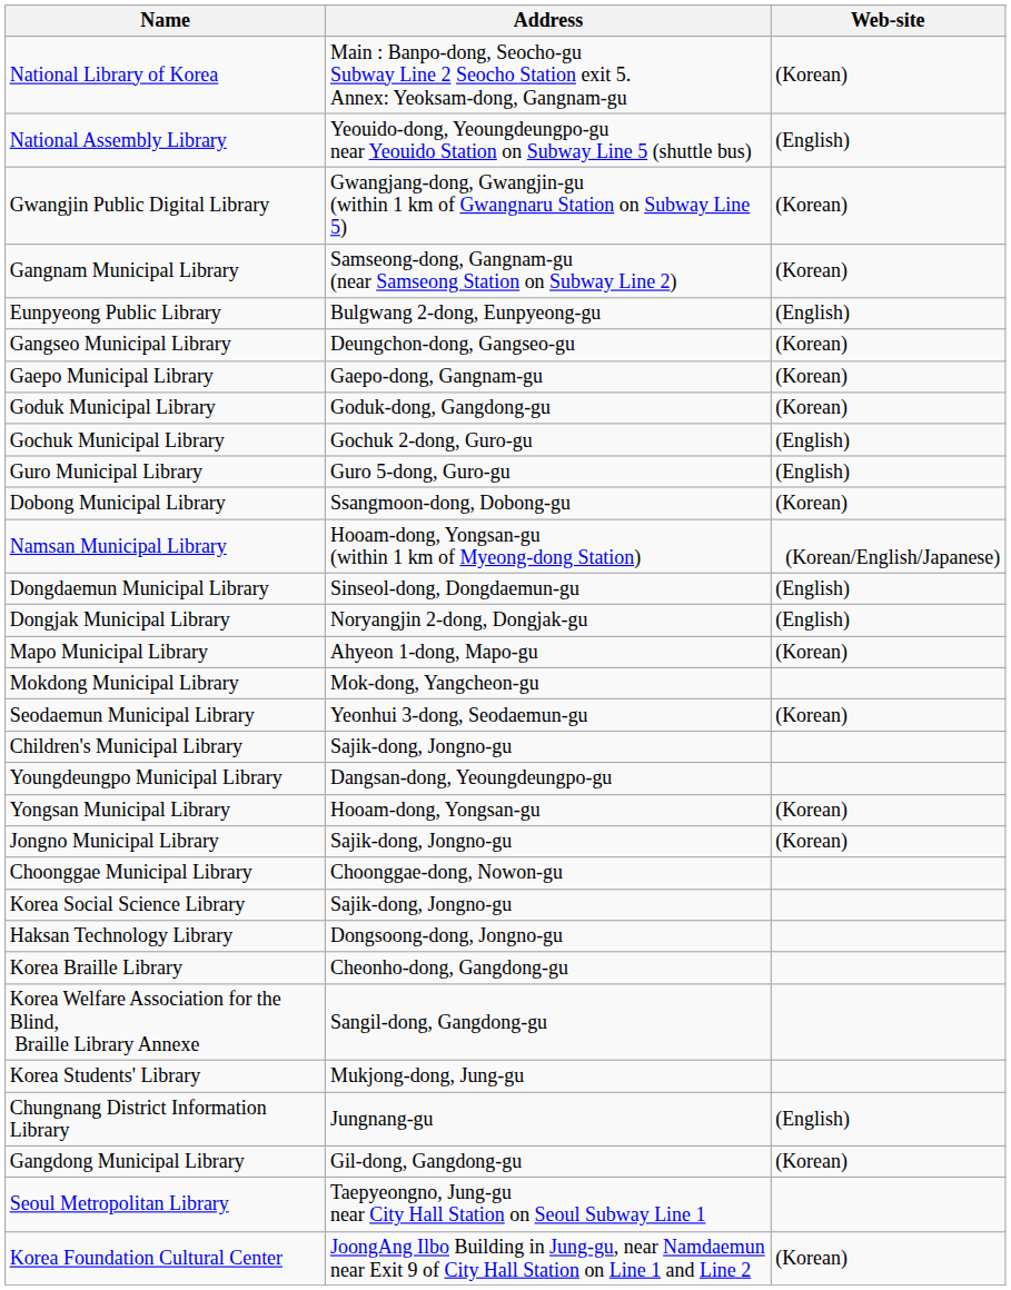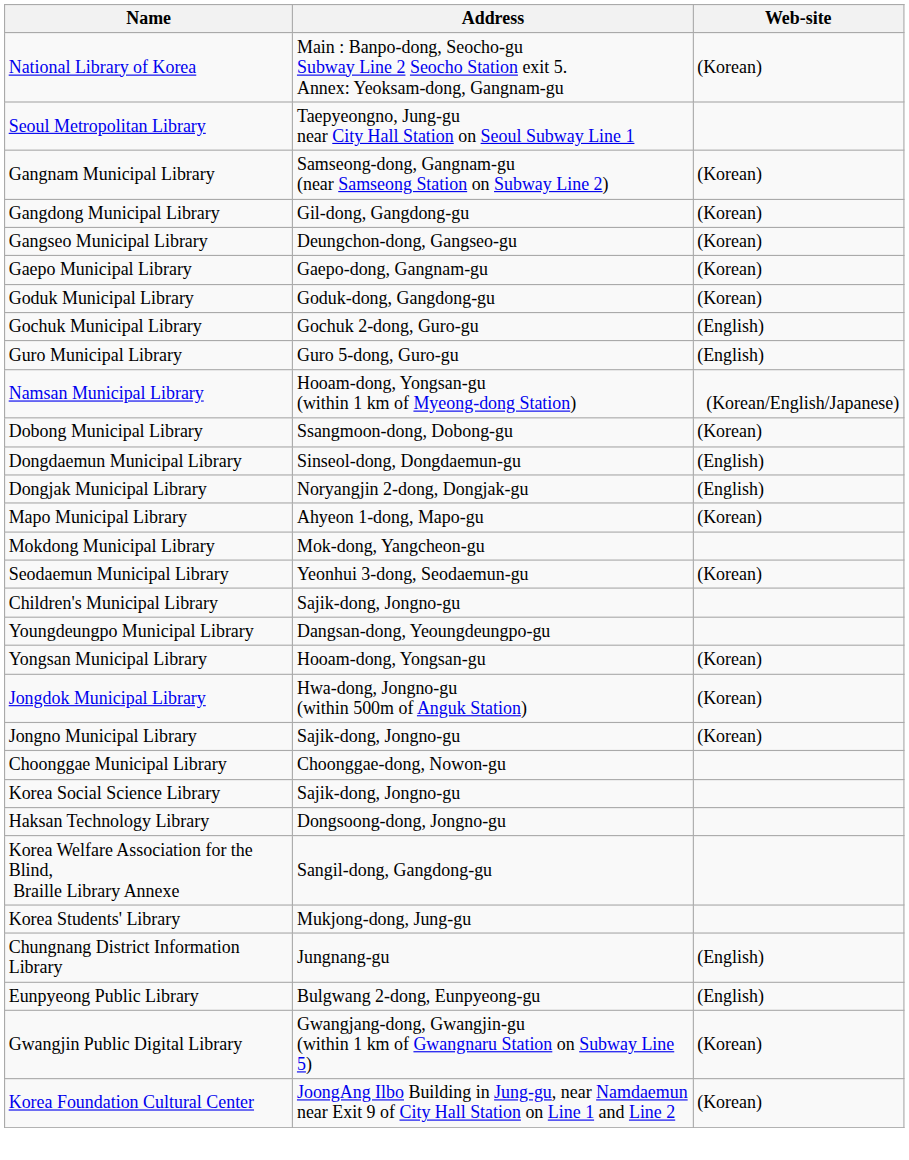 <table class="wikitable">
 <tr>
 <th width="250">Name</th>
 <th width="350">Address</th>
 <th width="150">Web-site</th>
 </tr>
 <tr>
 <td><a href='#'>National Library of Korea</a></td>
 <td>Main : Banpo-dong, Seocho-gu<br><a href='#'>Subway Line 2</a> <a href='#'>Seocho Station</a> exit 5.<br> Annex: Yeoksam-dong, Gangnam-gu</td>
 <td> (Korean)</td>
 </tr>
 <tr>
-<td><a href='#'>National Assembly Library</a></td>
-<td>Yeouido-dong, Yeoungdeungpo-gu<br>near <a href='#'>Yeouido Station</a> on <a href='#'>Subway Line 5</a> (shuttle bus)</td>
-<td> (English)</td>
-</tr>
-<tr>
-<td>Gwangjin Public Digital Library</td>
-<td>Gwangjang-dong, Gwangjin-gu<br>(within 1 km of <a href='#'>Gwangnaru Station</a> on <a href='#'>Subway Line 5</a>)</td>
-<td> (Korean)</td>
+<td><a href='#'>Seoul Metropolitan Library</a></td>
+<td>Taepyeongno, Jung-gu<br>near <a href='#'>City Hall Station</a> on <a href='#'>Seoul Subway Line 1</a></td>
+<td></td>
 </tr>
 <tr>
 <td>Gangnam Municipal Library</td>
 <td>Samseong-dong, Gangnam-gu<br>(near <a href='#'>Samseong Station</a> on <a href='#'>Subway Line 2</a>)</td>
 <td> (Korean)</td>
 </tr>
 <tr>
-<td>Eunpyeong Public Library</td>
-<td>Bulgwang 2-dong, Eunpyeong-gu</td>
-<td> (English)</td>
+<td>Gangdong Municipal Library</td>
+<td>Gil-dong, Gangdong-gu</td>
+<td> (Korean)</td>
 </tr>
 <tr>
 <td>Gangseo Municipal Library</td>
 <td>Deungchon-dong, Gangseo-gu</td>
 <td> (Korean)</td>
 </tr>
 <tr>
 <td>Gaepo Municipal Library</td>
 <td>Gaepo-dong, Gangnam-gu</td>
 <td> (Korean)</td>
 </tr>
 <tr>
 <td>Goduk Municipal Library</td>
 <td>Goduk-dong, Gangdong-gu</td>
 <td> (Korean)</td>
 </tr>
 <tr>
 <td>Gochuk Municipal Library</td>
 <td>Gochuk 2-dong, Guro-gu</td>
 <td> (English)</td>
 </tr>
 <tr>
 <td>Guro Municipal Library</td>
 <td>Guro 5-dong, Guro-gu</td>
 <td>(English)</td>
 </tr>
 <tr>
+<td><a href='#'>Namsan Municipal Library</a></td>
+<td>Hooam-dong, Yongsan-gu<br>(within 1 km of <a href='#'>Myeong-dong Station</a>)</td>
+<td><br>  (Korean/English/Japanese)</td>
+</tr>
+<tr>
 <td>Dobong Municipal Library</td>
 <td>Ssangmoon-dong, Dobong-gu</td>
 <td> (Korean)</td>
-</tr>
-<tr>
-<td><a href='#'>Namsan Municipal Library</a></td>
-<td>Hooam-dong, Yongsan-gu<br>(within 1 km of <a href='#'>Myeong-dong Station</a>)</td>
-<td><br>  (Korean/English/Japanese)</td>
 </tr>
 <tr>
 <td>Dongdaemun Municipal Library</td>
 <td>Sinseol-dong, Dongdaemun-gu</td>
 <td> (English)</td>
 </tr>
 <tr>
 <td>Dongjak Municipal Library</td>
 <td>Noryangjin 2-dong, Dongjak-gu</td>
 <td> (English)</td>
 </tr>
 <tr>
 <td>Mapo Municipal Library</td>
 <td>Ahyeon 1-dong, Mapo-gu</td>
 <td> (Korean)</td>
 </tr>
 <tr>
 <td>Mokdong Municipal Library</td>
 <td>Mok-dong, Yangcheon-gu</td>
 <td></td>
 </tr>
 <tr>
 <td>Seodaemun Municipal Library</td>
 <td>Yeonhui 3-dong, Seodaemun-gu</td>
 <td> (Korean)</td>
 </tr>
 <tr>
 <td>Children's Municipal Library</td>
 <td>Sajik-dong, Jongno-gu</td>
 <td></td>
 </tr>
 <tr>
 <td>Youngdeungpo Municipal Library</td>
 <td>Dangsan-dong, Yeoungdeungpo-gu</td>
 <td></td>
 </tr>
 <tr>
 <td>Yongsan Municipal Library</td>
 <td>Hooam-dong, Yongsan-gu</td>
 <td> (Korean)</td>
 </tr>
 <tr>
+<td><a href='#'>Jongdok Municipal Library</a></td>
+<td>Hwa-dong, Jongno-gu<br>(within 500m of <a href='#'>Anguk Station</a>)</td>
+<td> (Korean)</td>
+</tr>
+<tr>
 <td>Jongno Municipal Library</td>
 <td>Sajik-dong, Jongno-gu</td>
 <td> (Korean)</td>
 </tr>
 <tr>
 <td>Choonggae Municipal Library</td>
 <td>Choonggae-dong, Nowon-gu</td>
 <td></td>
 </tr>
 <tr>
 <td>Korea Social Science Library</td>
 <td>Sajik-dong, Jongno-gu</td>
 <td></td>
 </tr>
 <tr>
 <td>Haksan Technology Library</td>
 <td>Dongsoong-dong, Jongno-gu</td>
 <td></td>
 </tr>
 <tr>
-<td>Korea Braille Library</td>
-<td>Cheonho-dong, Gangdong-gu</td>
-<td></td>
-</tr>
-<tr>
 <td>Korea Welfare Association for the Blind,<br> Braille Library Annexe</td>
 <td>Sangil-dong, Gangdong-gu</td>
 <td></td>
 </tr>
 <tr>
 <td>Korea Students' Library</td>
 <td>Mukjong-dong, Jung-gu</td>
 <td></td>
 </tr>
 <tr>
 <td>Chungnang District Information Library</td>
 <td>Jungnang-gu</td>
 <td> (English)</td>
 </tr>
 <tr>
-<td>Gangdong Municipal Library</td>
-<td>Gil-dong, Gangdong-gu</td>
-<td> (Korean)</td>
+<td>Eunpyeong Public Library</td>
+<td>Bulgwang 2-dong, Eunpyeong-gu</td>
+<td> (English)</td>
 </tr>
 <tr>
-<td><a href='#'>Seoul Metropolitan Library</a></td>
-<td>Taepyeongno, Jung-gu<br>near <a href='#'>City Hall Station</a> on <a href='#'>Seoul Subway Line 1</a></td>
-<td></td>
+<td>Gwangjin Public Digital Library</td>
+<td>Gwangjang-dong, Gwangjin-gu<br>(within 1 km of <a href='#'>Gwangnaru Station</a> on <a href='#'>Subway Line 5</a>)</td>
+<td> (Korean)</td>
 </tr>
 <tr>
 <td><a href='#'>Korea Foundation Cultural Center</a></td>
 <td><a href='#'>JoongAng Ilbo</a> Building in <a href='#'>Jung-gu</a>, near <a href='#'>Namdaemun</a><br>near Exit 9 of <a href='#'>City Hall Station</a> on <a href='#'>Line 1</a> and <a href='#'>Line 2</a></td>
 <td> (Korean)</td>
 </tr>
 <tr>
 </tr>
 </table>
